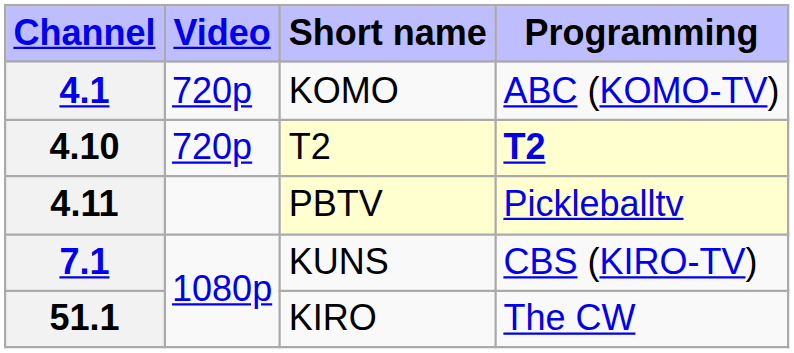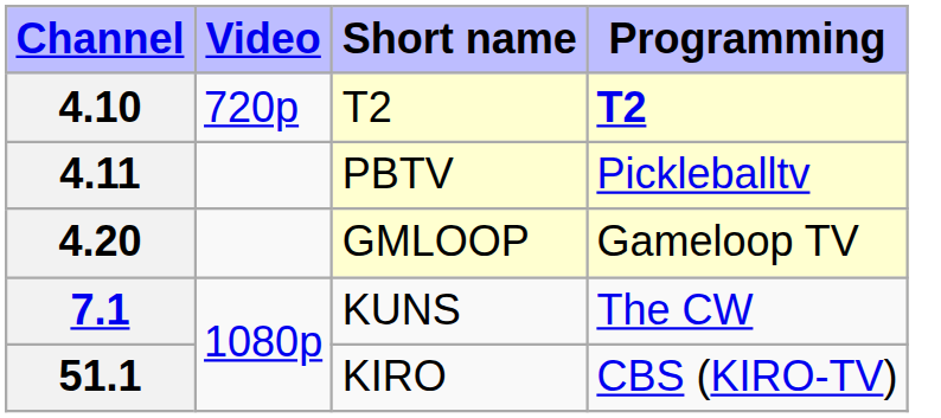 <table class="wikitable">
 <tr>
 <th style="background-color: #bdbdff" scope = "col"><a href='#'>Channel</a></th>
 <th style="background-color: #bdbdff" scope = "col"><a href='#'>Video</a></th>
 <th style="background-color: #bdbdff" scope = "col">Short name</th>
 <th style="background-color: #bdbdff" scope = "col">Programming</th>
-</tr>
-<tr>
-<th scope = "row"><a href='#'>4.1</a></th>
-<td><a href='#'>720p</a></td>
-<td>KOMO</td>
-<td><a href='#'>ABC</a> (<a href='#'>KOMO-TV</a>)</td>
 </tr>
 <tr>
 <th scope = "row">4.10</th>
 <td><a href='#'>720p</a></td>
 <td style="background-color:#ffffd0">T2</td>
 <td style="background-color:#ffffd0"><strong><a href='#'>T2</a></strong></td>
 </tr>
 <tr>
 <th scope = "row">4.11</th>
 <td></td>
 <td style="background-color:#ffffd0">PBTV</td>
 <td style="background-color:#ffffd0"><a href='#'>Pickleballtv</a></td>
 </tr>
 <tr>
+<th scope = "row">4.20</th>
+<td></td>
+<td style="background-color:#ffffd0">GMLOOP</td>
+<td style="background-color:#ffffd0">Gameloop TV</td>
+</tr>
+<tr>
 <th scope = "row"><a href='#'>7.1</a></th>
 <td rowspan=2><a href='#'>1080p</a></td>
 <td>KUNS</td>
-<td><a href='#'>CBS</a> (<a href='#'>KIRO-TV</a>)</td>
+<td><a href='#'>The CW</a></td>
 </tr>
 <tr>
 <th scope = "row">51.1</th>
 <td>KIRO</td>
-<td><a href='#'>The CW</a></td>
+<td><a href='#'>CBS</a> (<a href='#'>KIRO-TV</a>)</td>
 </tr>
 </table>
